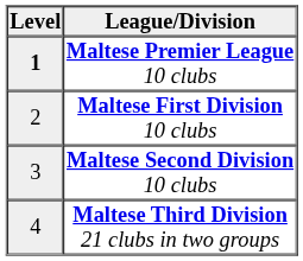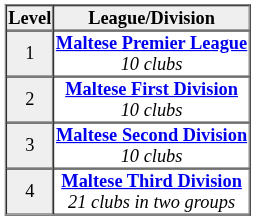 <table align="center" border="1" cellspacing="0">
 <tr style="background:#efefef;">
 <th>Level</th>
 <th>League/Division</th>
 </tr>
 <tr>
-<td align="center" style="background:#efefef;"><strong>1</strong></td>
+<td align="center" style="background:#efefef;">1</td>
 <td align="center"><strong><a href='#'>Maltese Premier League</a></strong><br><em>10 clubs</em></td>
 </tr>
 <tr>
 <td align="center" style="background:#efefef;">2</td>
 <td align="center"><strong><a href='#'>Maltese First Division</a></strong><br><em>10 clubs</em></td>
 </tr>
 <tr>
 <td align="center" style="background:#efefef;">3</td>
 <td align="center"><strong><a href='#'>Maltese Second Division</a></strong><br><em>10 clubs</em></td>
 </tr>
 <tr>
 <td align="center" style="background:#efefef;">4</td>
 <td align="center"><strong><a href='#'>Maltese Third Division</a></strong><br><em>21 clubs in two groups</em></td>
 </tr>
 </table>
